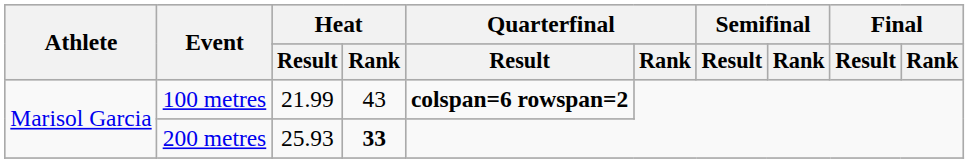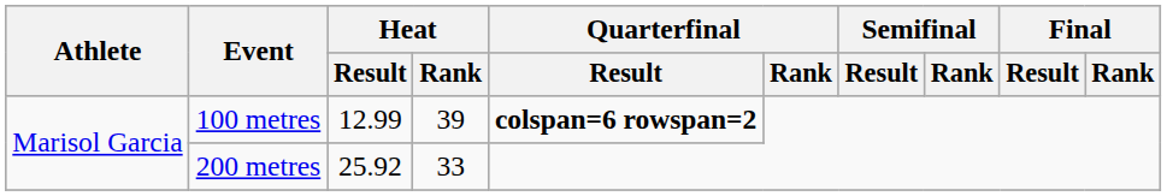 <table class=wikitable style=font-size:90%>
 <tr>
 <th rowspan=2>Athlete</th>
 <th rowspan=2>Event</th>
 <th colspan=2>Heat</th>
 <th colspan=2>Quarterfinal</th>
 <th colspan=2>Semifinal</th>
 <th colspan=2>Final</th>
 </tr>
 <tr style=font-size:95%>
 <th>Result</th>
 <th>Rank</th>
 <th>Result</th>
 <th>Rank</th>
 <th>Result</th>
 <th>Rank</th>
 <th>Result</th>
 <th>Rank</th>
 </tr>
 <tr align=center>
 <td align=left rowspan=2><a href='#'>Marisol Garcia</a></td>
 <td align=left><a href='#'>100 metres</a></td>
-<td>21.99</td>
-<td>43</td>
+<td>12.99</td>
+<td>39</td>
 <td><strong>colspan=6 rowspan=2 </strong></td>
 </tr>
 <tr align=center>
 <td align=left><a href='#'>200 metres</a></td>
-<td>25.93</td>
-<td><strong>33</strong></td>
+<td>25.92</td>
+<td>33</td>
 </tr>
 </table>
